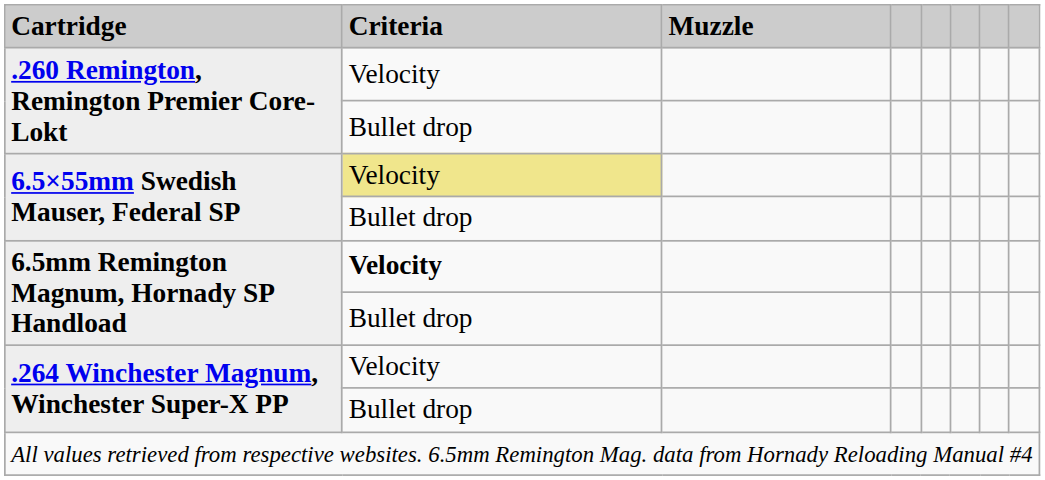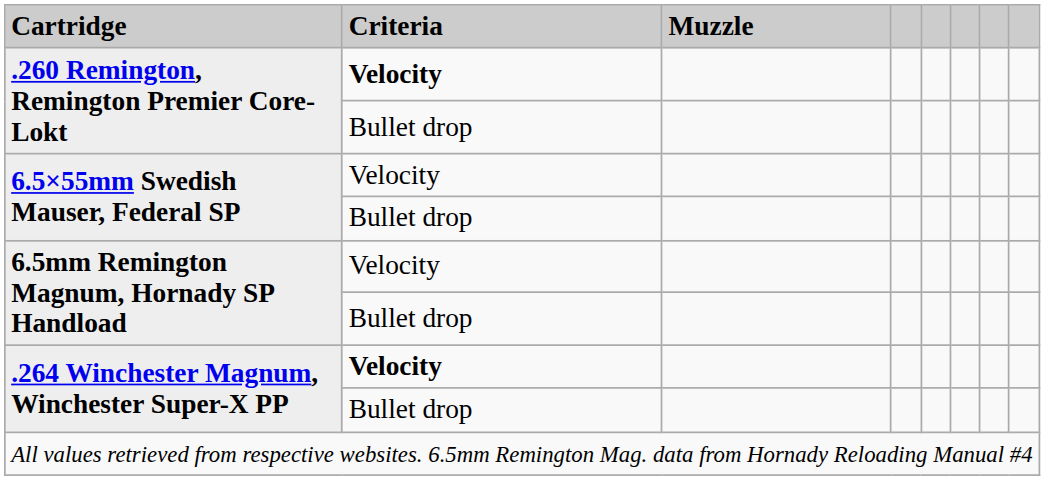 <table class="wikitable" border="1">
 <tr>
 <td style="background: #cccccc" width="190pt"><strong>Cartridge</strong></td>
 <td style="background: #cccccc"><strong>Criteria</strong></td>
 <td style="background: #cccccc"><strong>Muzzle</strong></td>
 <td style="background: #cccccc"><strong></strong></td>
 <td style="background: #cccccc"><strong></strong></td>
 <td style="background: #cccccc"><strong></strong></td>
 <td style="background: #cccccc"><strong></strong></td>
 <td style="background: #cccccc"><strong></strong></td>
 </tr>
 <tr>
 <td style="background: #eeeeee" rowspan="2"><strong><a href='#'>.260 Remington</a>, Remington  Premier Core-Lokt</strong></td>
+<td><strong>Velocity</strong></td>
+<td></td>
+<td></td>
+<td></td>
+<td></td>
+<td></td>
+<td></td>
+</tr>
+<tr>
+<td>Bullet drop</td>
+<td></td>
+<td></td>
+<td></td>
+<td></td>
+<td></td>
+<td></td>
+</tr>
+<tr>
+<td style="background: #eeeeee" rowspan="2"><strong><a href='#'>6.5×55mm</a> Swedish Mauser, Federal  SP</strong></td>
 <td>Velocity</td>
 <td></td>
 <td></td>
 <td></td>
 <td></td>
 <td></td>
 <td></td>
 </tr>
 <tr>
 <td>Bullet drop</td>
 <td></td>
 <td></td>
 <td></td>
 <td></td>
 <td></td>
 <td></td>
 </tr>
 <tr>
-<td style="background: #eeeeee" rowspan="2"><strong><a href='#'>6.5×55mm</a> Swedish Mauser, Federal  SP</strong></td>
-<td style="background: khaki;">Velocity</td>
-<td></td>
-<td></td>
-<td></td>
-<td></td>
-<td></td>
-<td></td>
-</tr>
-<tr>
-<td>Bullet drop</td>
-<td></td>
-<td></td>
-<td></td>
-<td></td>
-<td></td>
-<td></td>
-</tr>
-<tr>
 <td style="background: #eeeeee" rowspan="2"><strong>6.5mm Remington Magnum, Hornady  SP Handload</strong></td>
-<td><strong>Velocity</strong></td>
+<td>Velocity</td>
 <td></td>
 <td></td>
 <td></td>
 <td></td>
 <td></td>
 <td></td>
 </tr>
 <tr>
 <td>Bullet drop</td>
 <td></td>
 <td></td>
 <td></td>
 <td></td>
 <td></td>
 <td></td>
 </tr>
 <tr>
 <td style="background: #eeeeee" rowspan="2"><strong><a href='#'>.264 Winchester Magnum</a>, Winchester  Super-X PP</strong></td>
-<td>Velocity</td>
+<td><strong>Velocity</strong></td>
 <td></td>
 <td></td>
 <td></td>
 <td></td>
 <td></td>
 <td></td>
 </tr>
 <tr>
 <td>Bullet drop</td>
 <td></td>
 <td></td>
 <td></td>
 <td></td>
 <td></td>
 <td></td>
 </tr>
 <tr>
 <td colspan="8" align="center"><small><em>All values retrieved from respective websites. 6.5mm Remington Mag. data from Hornady Reloading Manual #4</em></small></td>
 </tr>
 </table>
